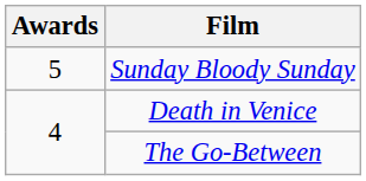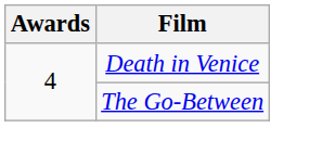 <table class="wikitable" style="text-align:center;">
 <tr>
 <th style="background:">Awards</th>
 <th style="background:">Film</th>
-</tr>
-<tr>
-<td>5</td>
-<td><em><a href='#'>Sunday Bloody Sunday</a></em></td>
 </tr>
 <tr>
 <td rowspan="2">4</td>
 <td><em><a href='#'>Death in Venice</a></em></td>
 </tr>
 <tr>
 <td><em><a href='#'>The Go-Between</a></em></td>
 </tr>
 </table>
